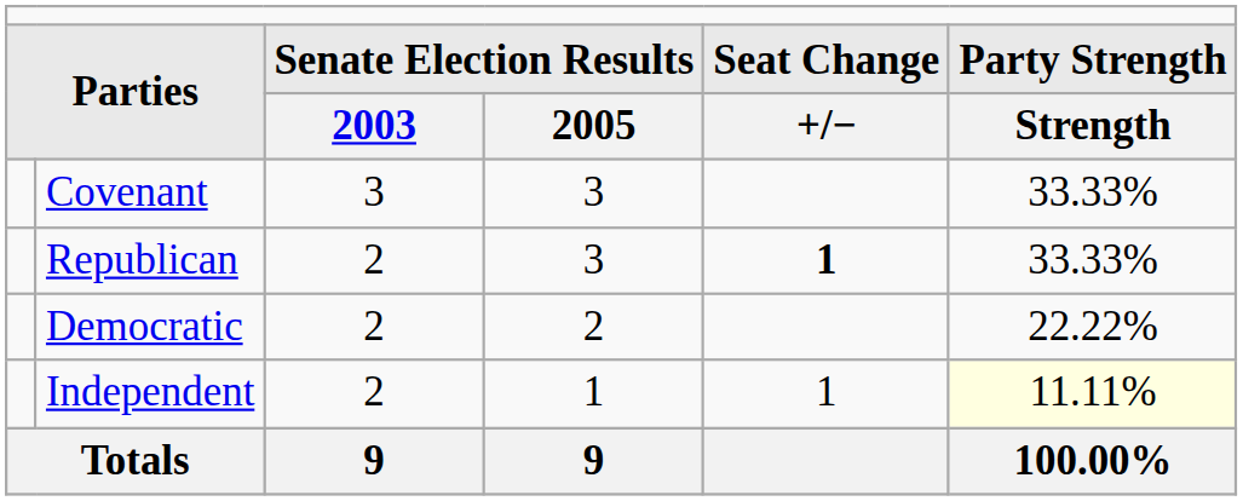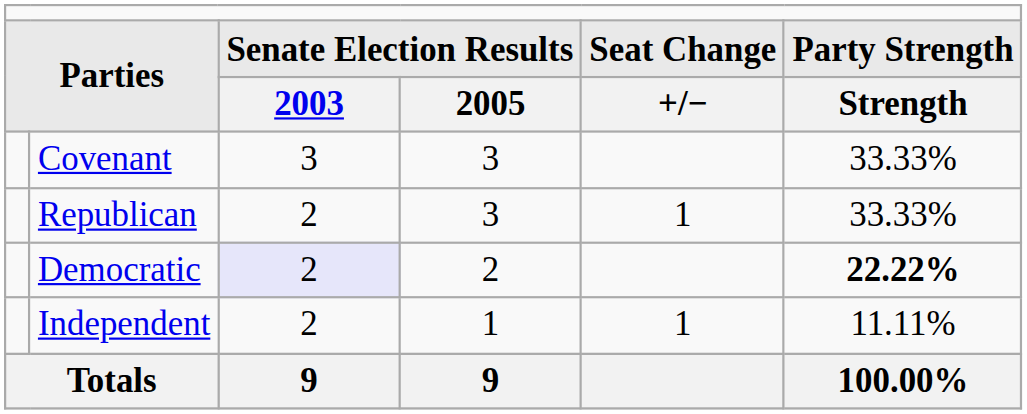 <table class   ="wikitable">
 <tr>
 <td colspan="6"></td>
 </tr>
 <tr>
 <th style   ="background:#e9e9e9; text-align:center" rowspan="2" colspan="2">Parties</th>
 <th style   ="background:#e9e9e9; text-align:center" colspan="2">Senate Election Results</th>
 <th style   ="background:#e9e9e9; text-align:center" colspan="1">Seat Change</th>
 <th style   ="background:#e9e9e9; text-align:center" colspan="1">Party Strength</th>
 </tr>
 <tr style ="background:#e9e9e9">
 <th><a href='#'>2003</a></th>
 <th>2005</th>
 <th>+/−</th>
 <th>Strength</th>
 </tr>
 <tr>
 <td style="background-color:"> </td>
 <td><a href='#'>Covenant</a></td>
 <td align = center>3</td>
 <td align = center>3</td>
 <td align = center></td>
 <td align = center>33.33%</td>
 </tr>
 <tr>
 <td style="background-color:"> </td>
 <td><a href='#'>Republican</a></td>
 <td align = center>2</td>
 <td align = center>3</td>
-<td align = center><strong>1 </strong></td>
+<td align = center>1 </td>
 <td align = center>33.33%</td>
 </tr>
 <tr>
 <td style="background-color:"> </td>
 <td><a href='#'>Democratic</a></td>
-<td align = center>2</td>
+<td align = center style="background: lavender;">2</td>
 <td align = center>2</td>
 <td align = center></td>
-<td align = center>22.22%</td>
+<td align = center><strong>22.22%</strong></td>
 </tr>
 <tr>
 <td style="background-color:"> </td>
 <td><a href='#'>Independent</a></td>
 <td align = center>2</td>
 <td align = center>1</td>
 <td align = center>1 </td>
-<td align = center style="background: lightyellow;">11.11%</td>
+<td align = center>11.11%</td>
 </tr>
 <tr style = "background:#ccc">
 <th colspan = "2">Totals</th>
 <th>9</th>
 <th>9</th>
 <th></th>
 <th>100.00%</th>
 </tr>
 </table>
